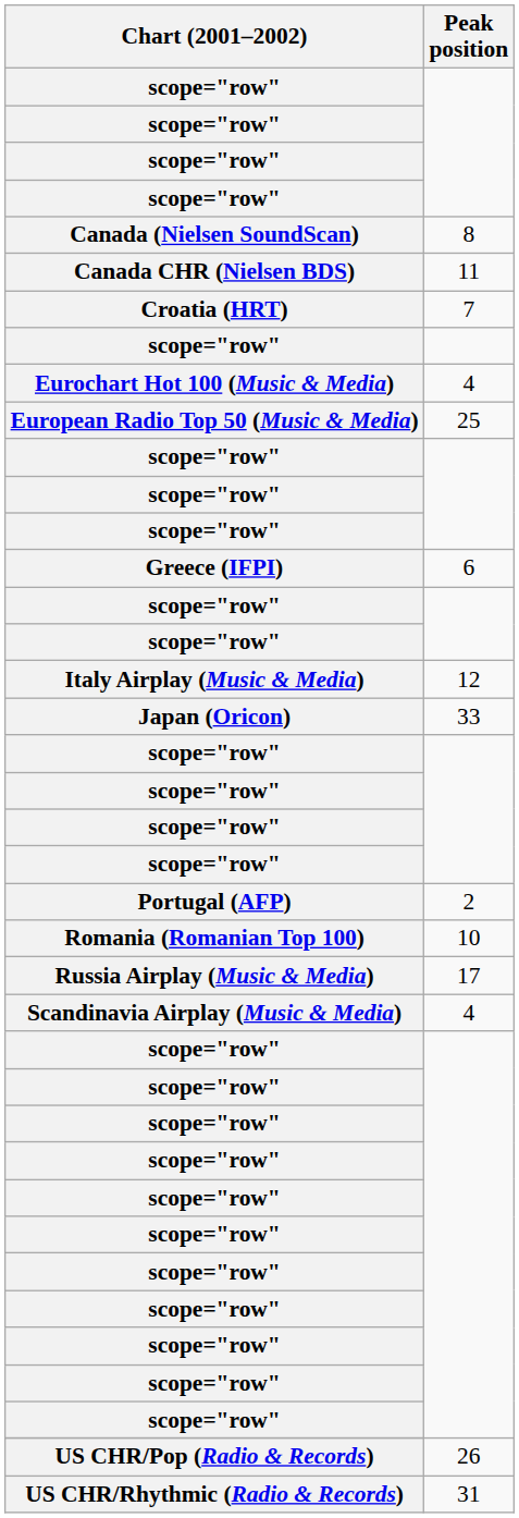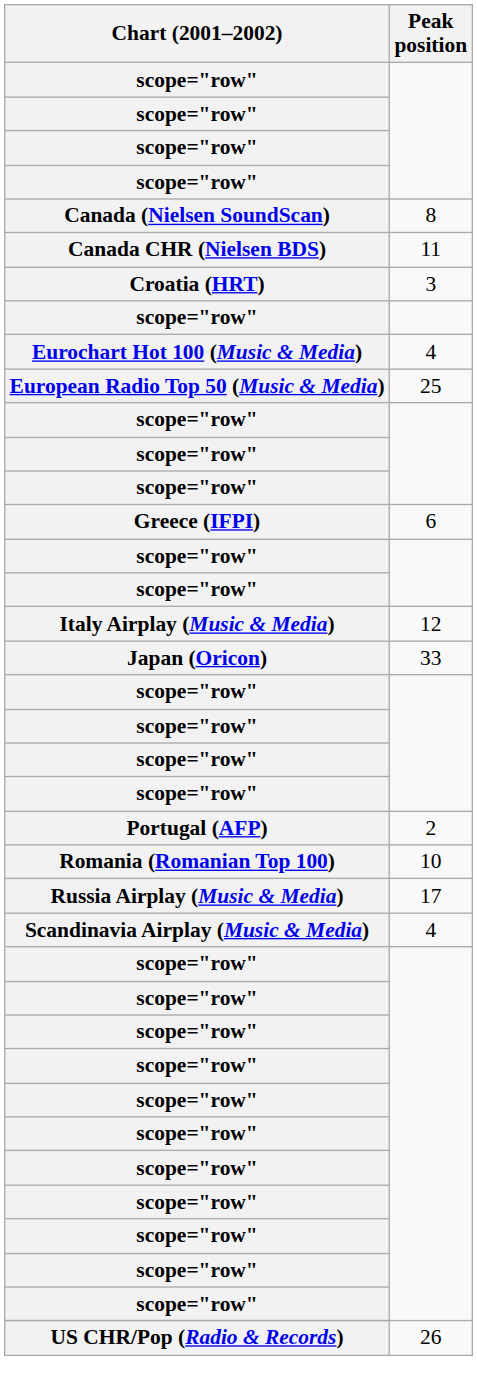 <table class="wikitable plainrowheaders sortable" style="text-align:center">
 <tr>
 <th scope="col">Chart (2001–2002)</th>
 <th scope="col">Peak<br>position</th>
 </tr>
 <tr>
 <th>scope="row"</th>
 </tr>
 <tr>
 <th>scope="row"</th>
 </tr>
 <tr>
 <th>scope="row"</th>
 </tr>
 <tr>
 <th>scope="row"</th>
 </tr>
 <tr>
 <th scope="row">Canada (<a href='#'>Nielsen SoundScan</a>)</th>
 <td>8</td>
 </tr>
 <tr>
 <th scope="row">Canada CHR (<a href='#'>Nielsen BDS</a>)</th>
 <td align="center">11</td>
 </tr>
 <tr>
 <th scope="row">Croatia (<a href='#'>HRT</a>)</th>
-<td>7</td>
+<td>3</td>
 </tr>
 <tr>
 <th>scope="row"</th>
 </tr>
 <tr>
 <th scope="row"><a href='#'>Eurochart Hot 100</a> (<em><a href='#'>Music & Media</a></em>)</th>
 <td>4</td>
 </tr>
 <tr>
 <th scope="row"><a href='#'>European Radio Top 50</a> (<em><a href='#'>Music & Media</a></em>)</th>
 <td>25</td>
 </tr>
 <tr>
 <th>scope="row"</th>
 </tr>
 <tr>
 <th>scope="row"</th>
 </tr>
 <tr>
 <th>scope="row"</th>
 </tr>
 <tr>
 <th scope="row">Greece (<a href='#'>IFPI</a>)</th>
 <td>6</td>
 </tr>
 <tr>
 <th>scope="row"</th>
 </tr>
 <tr>
 <th>scope="row"</th>
 </tr>
 <tr>
 <th scope="row">Italy Airplay (<em><a href='#'>Music & Media</a></em>)</th>
 <td>12</td>
 </tr>
 <tr>
 <th scope="row">Japan (<a href='#'>Oricon</a>)</th>
 <td>33</td>
 </tr>
 <tr>
 <th>scope="row"</th>
 </tr>
 <tr>
 <th>scope="row"</th>
 </tr>
 <tr>
 <th>scope="row"</th>
 </tr>
 <tr>
 <th>scope="row"</th>
 </tr>
 <tr>
 <th scope="row">Portugal (<a href='#'>AFP</a>)</th>
 <td>2</td>
 </tr>
 <tr>
 <th scope="row">Romania (<a href='#'>Romanian Top 100</a>)</th>
 <td>10</td>
 </tr>
 <tr>
 <th scope="row">Russia Airplay (<em><a href='#'>Music & Media</a></em>)</th>
 <td>17</td>
 </tr>
 <tr>
 <th scope="row">Scandinavia Airplay (<em><a href='#'>Music & Media</a></em>)</th>
 <td>4</td>
 </tr>
 <tr>
 <th>scope="row"</th>
 </tr>
 <tr>
 <th>scope="row"</th>
 </tr>
 <tr>
 <th>scope="row"</th>
 </tr>
 <tr>
 <th>scope="row"</th>
 </tr>
 <tr>
 <th>scope="row"</th>
 </tr>
 <tr>
 <th>scope="row"</th>
 </tr>
 <tr>
 <th>scope="row"</th>
 </tr>
 <tr>
 <th>scope="row"</th>
 </tr>
 <tr>
 <th>scope="row"</th>
 </tr>
 <tr>
 <th>scope="row"</th>
 </tr>
 <tr>
 <th>scope="row"</th>
 </tr>
 <tr>
 </tr>
 <tr>
 <th scope="row">US CHR/Pop (<em><a href='#'>Radio & Records</a></em>)</th>
 <td>26</td>
 </tr>
-<tr>
-<th scope="row">US CHR/Rhythmic (<em><a href='#'>Radio & Records</a></em>)</th>
-<td>31</td>
-</tr>
 </table>
